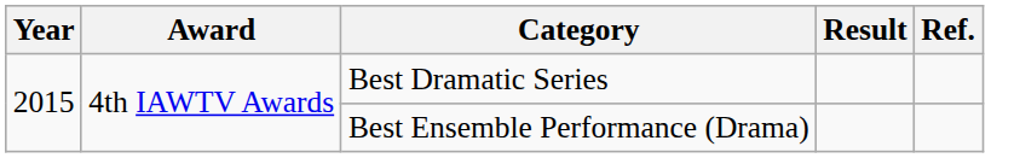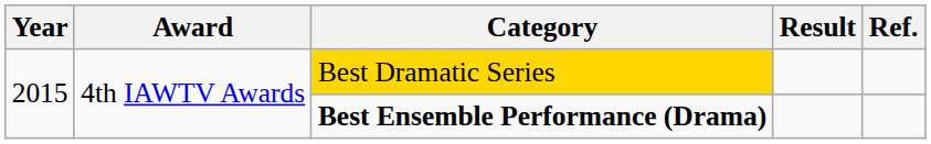 <table class="wikitable">
 <tr>
 <th>Year</th>
 <th>Award</th>
 <th>Category</th>
 <th>Result</th>
 <th>Ref.</th>
 </tr>
 <tr>
 <td rowspan="2">2015</td>
 <td rowspan="2">4th <a href='#'>IAWTV Awards</a></td>
-<td>Best Dramatic Series</td>
+<td style="background: gold;">Best Dramatic Series</td>
 <td></td>
 <td></td>
 </tr>
 <tr>
-<td>Best Ensemble Performance (Drama)</td>
+<td><strong>Best Ensemble Performance (Drama)</strong></td>
 <td></td>
 <td></td>
 </tr>
 </table>
